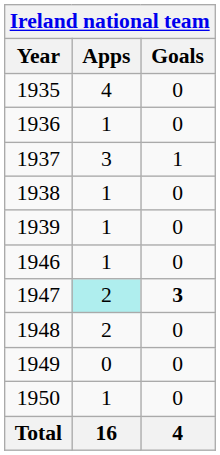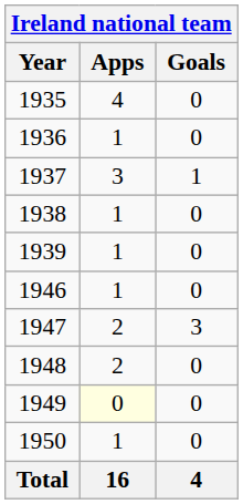 <table class="wikitable" style="text-align:center">
 <tr>
 <th colspan=3><a href='#'>Ireland national team</a></th>
 </tr>
 <tr>
 <th>Year</th>
 <th>Apps</th>
 <th>Goals</th>
 </tr>
 <tr>
 <td>1935</td>
 <td>4</td>
 <td>0</td>
 </tr>
 <tr>
 <td>1936</td>
 <td>1</td>
 <td>0</td>
 </tr>
 <tr>
 <td>1937</td>
 <td>3</td>
 <td>1</td>
 </tr>
 <tr>
 <td>1938</td>
 <td>1</td>
 <td>0</td>
 </tr>
 <tr>
 <td>1939</td>
 <td>1</td>
 <td>0</td>
 </tr>
 <tr>
 <td>1946</td>
 <td>1</td>
 <td>0</td>
 </tr>
 <tr>
 <td>1947</td>
-<td style="background: paleturquoise;">2</td>
-<td><strong>3</strong></td>
+<td>2</td>
+<td>3</td>
 </tr>
 <tr>
 <td>1948</td>
 <td>2</td>
 <td>0</td>
 </tr>
 <tr>
 <td>1949</td>
-<td>0</td>
+<td style="background: lightyellow;">0</td>
 <td>0</td>
 </tr>
 <tr>
 <td>1950</td>
 <td>1</td>
 <td>0</td>
 </tr>
 <tr>
 <th>Total</th>
 <th>16</th>
 <th>4</th>
 </tr>
 </table>
